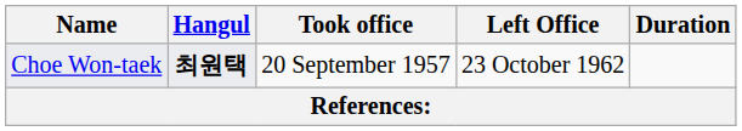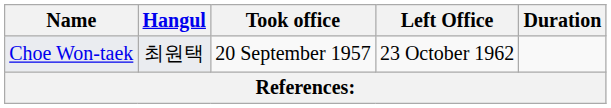 <table class="wikitable" style=text-align:center>
 <tr>
 <th>Name</th>
 <th class="unsortable"><a href='#'>Hangul</a></th>
 <th>Took office</th>
 <th>Left Office</th>
 <th>Duration</th>
 </tr>
 <tr>
 <td bgcolor = #EAECF0><a href='#'>Choe Won-taek</a></td>
-<td bgcolor = #EAECF0><strong>최원택</strong></td>
+<td bgcolor = #EAECF0>최원택</td>
 <td>20 September 1957</td>
 <td>23 October 1962</td>
 <td></td>
 </tr>
 <tr>
 <th colspan="5" unsortable><strong>References:</strong><br></th>
 </tr>
 </table>
